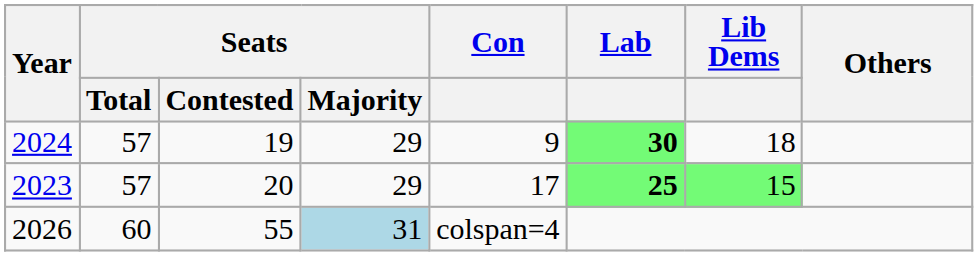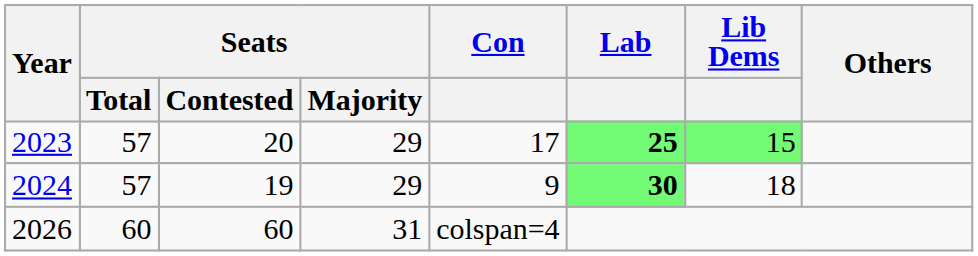 <table class="wikitable sortable mw-datatable" style="text-align:center;font-size:90%;line-height:14px;">
 <tr>
 <th rowspan="2">Year</th>
 <th Colspan="3">Seats</th>
 <th class="unsortable" style="width:50px;"><a href='#'>Con</a></th>
 <th class="unsortable" style="width:50px;"><a href='#'>Lab</a></th>
 <th class="unsortable" style="width:50px;"><a href='#'>Lib Dems</a></th>
 <th rowspan="2" class="unsortable" style="width:75px;">Others</th>
 </tr>
 <tr>
 <th>Total</th>
 <th>Contested</th>
 <th>Majority</th>
 <th data-sort-type="number" style="background:"></th>
 <th data-sort-type="number" style="background:"></th>
 <th data-sort-type="number" style="background:"></th>
 </tr>
 <tr>
+<td><a href='#'>2023</a></td>
+<td style="text-align:right">57</td>
+<td style="text-align:right">20</td>
+<td style="text-align:right">29</td>
+<td style="text-align:right">17</td>
+<td scope="row" style="text-align: right; font-weight: bold; background-color:#73FB76;">25</td>
+<td scope="row" style="text-align: right; font-weight; background-color:#73FB76;">15</td>
+<td style="text-align:right"></td>
+</tr>
+<tr>
 <td><a href='#'>2024</a></td>
 <td style="text-align:right">57</td>
 <td style="text-align:right">19</td>
 <td style="text-align:right">29</td>
 <td style="text-align:right">9</td>
 <td scope="row" style="text-align: right; font-weight: bold; background-color:#73FB76;">30</td>
 <td style="text-align:right">18</td>
 <td style="text-align:right"></td>
 </tr>
 <tr>
-<td><a href='#'>2023</a></td>
-<td style="text-align:right">57</td>
-<td style="text-align:right">20</td>
-<td style="text-align:right">29</td>
-<td style="text-align:right">17</td>
-<td scope="row" style="text-align: right; font-weight: bold; background-color:#73FB76;">25</td>
-<td scope="row" style="text-align: right; font-weight; background-color:#73FB76;">15</td>
-<td style="text-align:right"></td>
-</tr>
-<tr>
 <td>2026</td>
 <td style="text-align:right">60</td>
-<td style="text-align:right">55</td>
-<td style="background: lightblue; text-align:right">31</td>
+<td style="text-align:right">60</td>
+<td style="text-align:right">31</td>
 <td>colspan=4 </td>
 </tr>
 </table>
